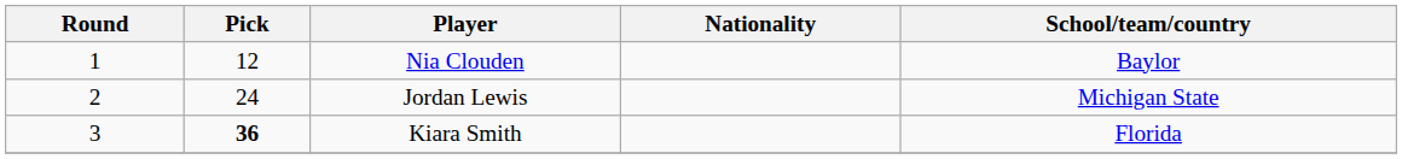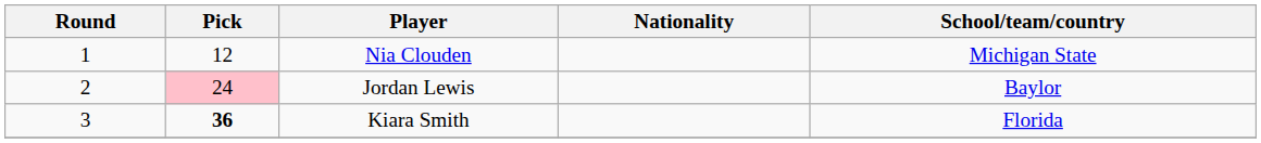 <table class="wikitable" style="text-align:center; width:60em">
 <tr>
 <th>Round</th>
 <th>Pick</th>
 <th>Player</th>
 <th>Nationality</th>
 <th>School/team/country</th>
 </tr>
 <tr>
 <td>1</td>
 <td>12</td>
 <td><a href='#'>Nia Clouden</a></td>
 <td></td>
-<td><a href='#'>Baylor</a></td>
+<td><a href='#'>Michigan State</a></td>
 </tr>
 <tr>
 <td>2</td>
-<td>24</td>
+<td style="background: pink;">24</td>
 <td>Jordan Lewis</td>
 <td></td>
-<td><a href='#'>Michigan State</a></td>
+<td><a href='#'>Baylor</a></td>
 </tr>
 <tr>
 <td>3</td>
 <td><strong>36</strong></td>
 <td>Kiara Smith</td>
 <td></td>
 <td><a href='#'>Florida</a></td>
 </tr>
 <tr>
 </tr>
 </table>
